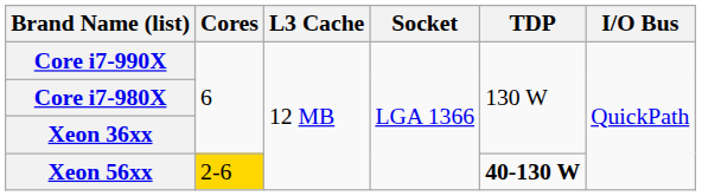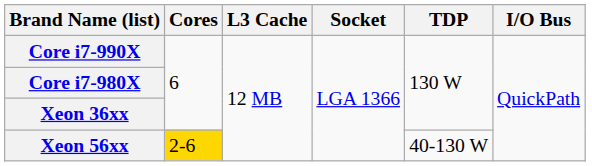 <table class="wikitable">
 <tr>
 <th>Brand Name (list)</th>
 <th>Cores</th>
 <th>L3 Cache</th>
 <th>Socket</th>
 <th>TDP</th>
 <th>I/O Bus</th>
 </tr>
 <tr>
 <th><a href='#'>Core i7-990X</a></th>
 <td rowspan=3>6</td>
 <td rowspan=4>12 <a href='#'>MB</a></td>
 <td rowspan=4><a href='#'>LGA 1366</a></td>
 <td rowspan=3>130 W</td>
 <td rowspan=4><a href='#'>QuickPath</a></td>
 </tr>
 <tr>
 <th><a href='#'>Core i7-980X</a></th>
 </tr>
 <tr>
 <th><a href='#'>Xeon 36xx</a></th>
 </tr>
 <tr>
 <th><a href='#'>Xeon 56xx</a></th>
 <td style="background: gold;">2-6</td>
-<td><strong>40-130 W</strong></td>
+<td>40-130 W</td>
 </tr>
 </table>
